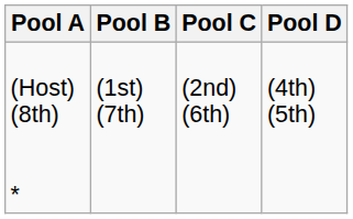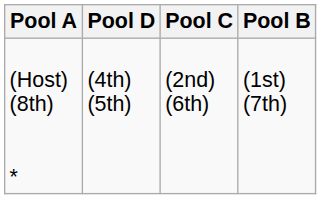 <table class="wikitable">
 <tr>
 <th width=25%>Pool A</th>
+<th width=25%>Pool D</th>
+<th width=25%>Pool C</th>
 <th width=25%>Pool B</th>
-<th width=25%>Pool C</th>
-<th width=25%>Pool D</th>
 </tr>
 <tr>
 <td><br> (Host)<br>  (8th)<br> <br> <br> <s></s> *</td>
+<td valign=top><br> (4th)<br>  (5th)<br> <br> </td>
+<td valign=top><br> (2nd)<br>  (6th)<br> <br> </td>
 <td valign=top><br> (1st)<br>  (7th)<br> <br> </td>
-<td valign=top><br> (2nd)<br>  (6th)<br> <br> </td>
-<td valign=top><br> (4th)<br>  (5th)<br> <br> </td>
 </tr>
 </table>
